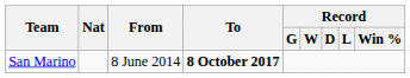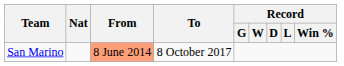 <table class="wikitable" style="text-align: center">
 <tr>
 <th rowspan="2">Team</th>
 <th rowspan="2">Nat</th>
 <th rowspan="2">From</th>
 <th rowspan="2">To</th>
 <th colspan="5">Record</th>
 </tr>
 <tr>
 <th>G</th>
 <th>W</th>
 <th>D</th>
 <th>L</th>
 <th>Win %</th>
 </tr>
 <tr>
 <td align=left><a href='#'>San Marino</a></td>
 <td></td>
-<td align=left>8 June 2014</td>
-<td align=left><strong>8 October 2017<br></strong></td>
+<td align=left style="background: lightsalmon;">8 June 2014</td>
+<td align=left>8 October 2017<br></td>
 </tr>
 </table>
